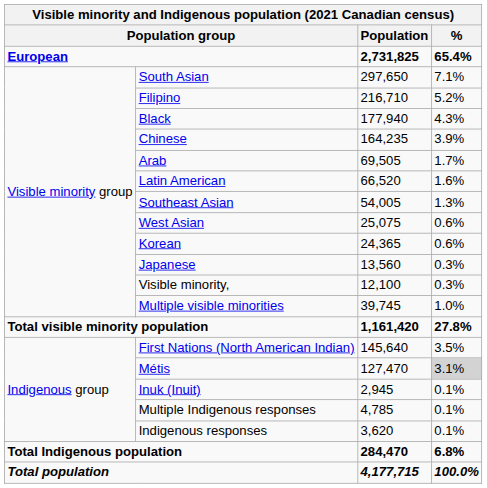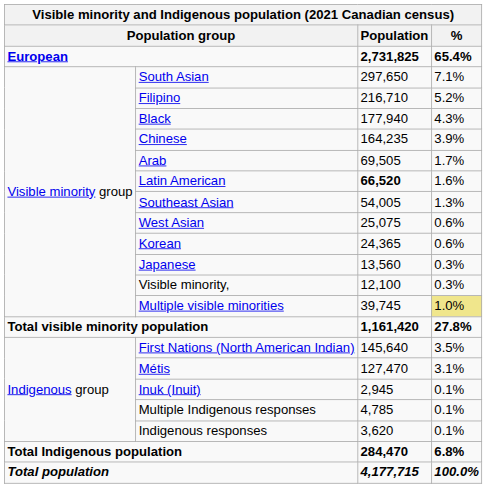 <table class="wikitable">
 <tr>
 <th colspan=4>Visible minority and Indigenous population (2021 Canadian census)</th>
 </tr>
 <tr>
 <th colspan="2">Population group</th>
 <th>Population</th>
 <th>%</th>
 </tr>
 <tr>
 <td colspan="2"><strong><a href='#'>European</a></strong></td>
 <td><strong>2,731,825</strong></td>
 <td><strong>65.4%</strong></td>
 </tr>
 <tr>
 <td rowspan="12"><a href='#'>Visible minority</a> group<br></td>
 <td><a href='#'>South Asian</a></td>
 <td>297,650</td>
 <td>7.1%</td>
 </tr>
 <tr>
 <td><a href='#'>Filipino</a></td>
 <td>216,710</td>
 <td>5.2%</td>
 </tr>
 <tr>
 <td><a href='#'>Black</a></td>
 <td>177,940</td>
 <td>4.3%</td>
 </tr>
 <tr>
 <td><a href='#'>Chinese</a></td>
 <td>164,235</td>
 <td>3.9%</td>
 </tr>
 <tr>
 <td><a href='#'>Arab</a></td>
 <td>69,505</td>
 <td>1.7%</td>
 </tr>
 <tr>
 <td><a href='#'>Latin American</a></td>
-<td>66,520</td>
+<td><strong>66,520</strong></td>
 <td>1.6%</td>
 </tr>
 <tr>
 <td><a href='#'>Southeast Asian</a></td>
 <td>54,005</td>
 <td>1.3%</td>
 </tr>
 <tr>
 <td><a href='#'>West Asian</a></td>
 <td>25,075</td>
 <td>0.6%</td>
 </tr>
 <tr>
 <td><a href='#'>Korean</a></td>
 <td>24,365</td>
 <td>0.6%</td>
 </tr>
 <tr>
 <td><a href='#'>Japanese</a></td>
 <td>13,560</td>
 <td>0.3%</td>
 </tr>
 <tr>
 <td>Visible minority, </td>
 <td>12,100</td>
 <td>0.3%</td>
 </tr>
 <tr>
 <td><a href='#'>Multiple visible minorities</a></td>
 <td>39,745</td>
-<td>1.0%</td>
+<td style="background: khaki;">1.0%</td>
 </tr>
 <tr>
 <td colspan="2"><strong>Total visible minority population</strong></td>
 <td><strong>1,161,420</strong></td>
 <td><strong>27.8%</strong></td>
 </tr>
 <tr>
 <td rowspan="5"><a href='#'>Indigenous</a> group<br></td>
 <td><a href='#'>First Nations (North American Indian)</a></td>
 <td>145,640</td>
 <td>3.5%</td>
 </tr>
 <tr>
 <td><a href='#'>Métis</a></td>
 <td>127,470</td>
-<td style="background: lightgrey;">3.1%</td>
+<td>3.1%</td>
 </tr>
 <tr>
 <td><a href='#'>Inuk (Inuit)</a></td>
 <td>2,945</td>
 <td>0.1%</td>
 </tr>
 <tr>
 <td>Multiple Indigenous responses</td>
 <td>4,785</td>
 <td>0.1%</td>
 </tr>
 <tr>
 <td>Indigenous responses </td>
 <td>3,620</td>
 <td>0.1%</td>
 </tr>
 <tr>
 <td colspan="2"><strong>Total Indigenous population</strong></td>
 <td><strong>284,470</strong></td>
 <td><strong>6.8%</strong></td>
 </tr>
 <tr>
 <td colspan="2"><strong><em>Total population</em></strong></td>
 <td><strong><em>4,177,715</em></strong></td>
 <td><strong><em>100.0%</em></strong></td>
 </tr>
 </table>
